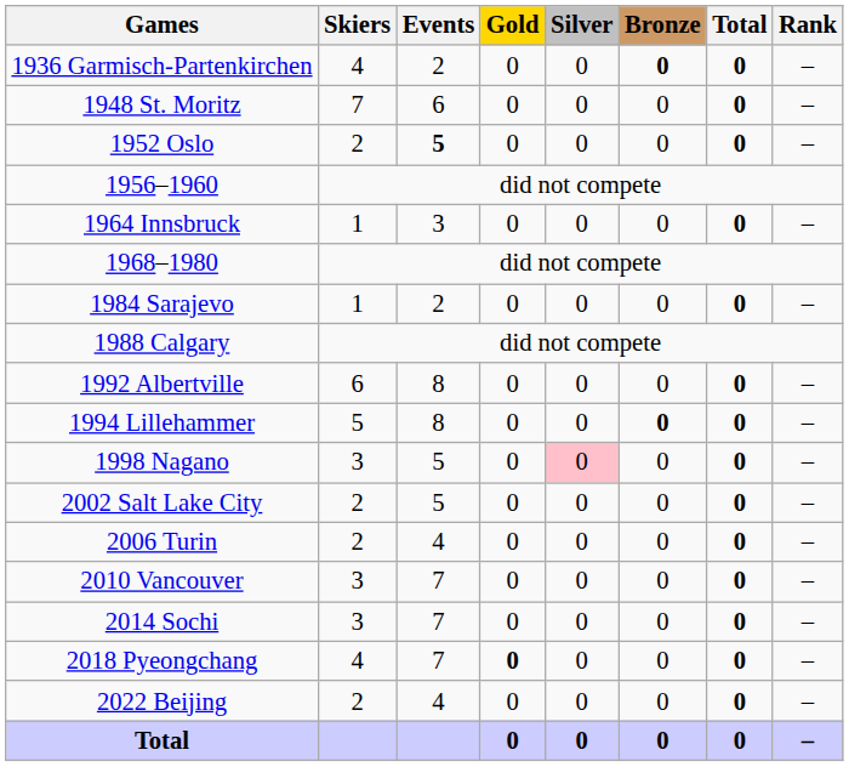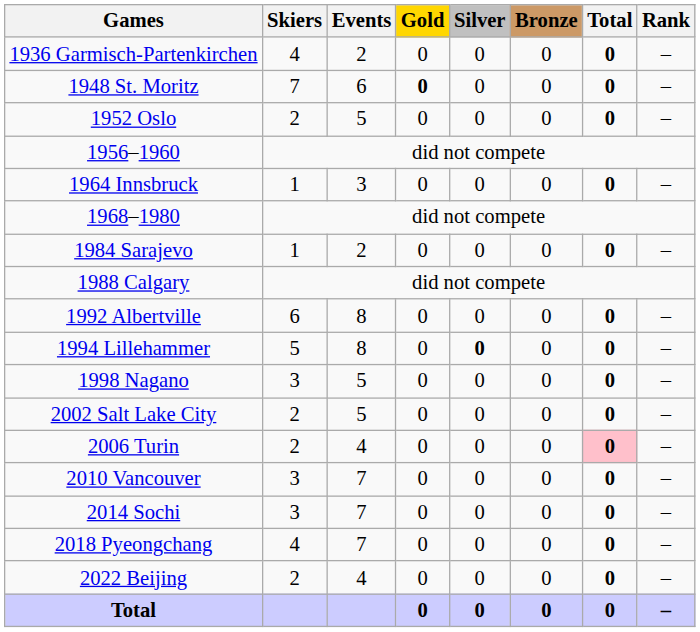 <table class="wikitable sortable collapsible collapsed">
 <tr>
 <th>Games</th>
 <th>Skiers</th>
 <th>Events</th>
 <th style="text-align:center; background-color:gold;">Gold</th>
 <th style="text-align:center; background-color:silver;">Silver</th>
 <th style="text-align:center; background-color:#c96;">Bronze</th>
 <th>Total</th>
 <th>Rank</th>
 </tr>
 <tr align=center>
 <td><a href='#'>1936 Garmisch-Partenkirchen</a></td>
 <td>4</td>
 <td>2</td>
 <td>0</td>
 <td>0</td>
-<td><strong>0</strong></td>
+<td>0</td>
 <td><strong>0</strong></td>
 <td>–</td>
 </tr>
 <tr align=center>
 <td><a href='#'>1948 St. Moritz</a></td>
 <td>7</td>
 <td>6</td>
-<td>0</td>
+<td><strong>0</strong></td>
 <td>0</td>
 <td>0</td>
 <td><strong>0</strong></td>
 <td>–</td>
 </tr>
 <tr align=center>
 <td><a href='#'>1952 Oslo</a></td>
 <td>2</td>
-<td><strong>5</strong></td>
+<td>5</td>
 <td>0</td>
 <td>0</td>
 <td>0</td>
 <td><strong>0</strong></td>
 <td>–</td>
 </tr>
 <tr align=center>
 <td><a href='#'>1956</a>–<a href='#'>1960</a></td>
 <td colspan=7>did not compete</td>
 </tr>
 <tr align=center>
 <td><a href='#'>1964 Innsbruck</a></td>
 <td>1</td>
 <td>3</td>
 <td>0</td>
 <td>0</td>
 <td>0</td>
 <td><strong>0</strong></td>
 <td>–</td>
 </tr>
 <tr align=center>
 <td><a href='#'>1968</a>–<a href='#'>1980</a></td>
 <td colspan=7>did not compete</td>
 </tr>
 <tr align=center>
 <td><a href='#'>1984 Sarajevo</a></td>
 <td>1</td>
 <td>2</td>
 <td>0</td>
 <td>0</td>
 <td>0</td>
 <td><strong>0</strong></td>
 <td>–</td>
 </tr>
 <tr align=center>
 <td><a href='#'>1988 Calgary</a></td>
 <td colspan=7>did not compete</td>
 </tr>
 <tr align=center>
 <td><a href='#'>1992 Albertville</a></td>
 <td>6</td>
 <td>8</td>
 <td>0</td>
 <td>0</td>
 <td>0</td>
 <td><strong>0</strong></td>
 <td>–</td>
 </tr>
 <tr align=center>
 <td><a href='#'>1994 Lillehammer</a></td>
 <td>5</td>
 <td>8</td>
 <td>0</td>
+<td><strong>0</strong></td>
 <td>0</td>
-<td><strong>0</strong></td>
 <td><strong>0</strong></td>
 <td>–</td>
 </tr>
 <tr align=center>
 <td><a href='#'>1998 Nagano</a></td>
 <td>3</td>
 <td>5</td>
 <td>0</td>
-<td style="background: pink;">0</td>
+<td>0</td>
 <td>0</td>
 <td><strong>0</strong></td>
 <td>–</td>
 </tr>
 <tr align=center>
 <td><a href='#'>2002 Salt Lake City</a></td>
 <td>2</td>
 <td>5</td>
 <td>0</td>
 <td>0</td>
 <td>0</td>
 <td><strong>0</strong></td>
 <td>–</td>
 </tr>
 <tr align=center>
 <td><a href='#'>2006 Turin</a></td>
 <td>2</td>
 <td>4</td>
 <td>0</td>
 <td>0</td>
 <td>0</td>
-<td><strong>0</strong></td>
+<td style="background: pink;"><strong>0</strong></td>
 <td>–</td>
 </tr>
 <tr align=center>
 <td><a href='#'>2010 Vancouver</a></td>
 <td>3</td>
 <td>7</td>
 <td>0</td>
 <td>0</td>
 <td>0</td>
 <td><strong>0</strong></td>
 <td>–</td>
 </tr>
 <tr align=center>
 <td><a href='#'>2014 Sochi</a></td>
 <td>3</td>
 <td>7</td>
 <td>0</td>
 <td>0</td>
 <td>0</td>
 <td><strong>0</strong></td>
 <td>–</td>
 </tr>
 <tr align=center>
 <td><a href='#'>2018 Pyeongchang</a></td>
 <td>4</td>
 <td>7</td>
-<td><strong>0</strong></td>
+<td>0</td>
 <td>0</td>
 <td>0</td>
 <td><strong>0</strong></td>
 <td>–</td>
 </tr>
 <tr align=center>
 <td><a href='#'>2022 Beijing</a></td>
 <td>2</td>
 <td>4</td>
 <td>0</td>
 <td>0</td>
 <td>0</td>
 <td><strong>0</strong></td>
 <td>–</td>
 </tr>
 <tr style="text-align:center; background-color:#ccf;">
 <td><strong>Total</strong></td>
 <td></td>
 <td></td>
 <td><strong>0</strong></td>
 <td><strong>0</strong></td>
 <td><strong>0</strong></td>
 <td><strong>0</strong></td>
 <td><strong>–</strong></td>
 </tr>
 </table>
